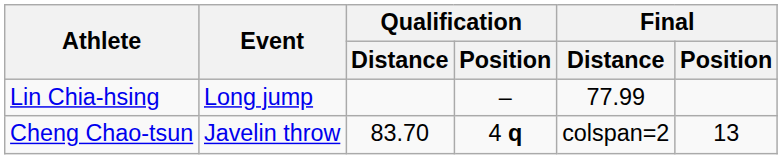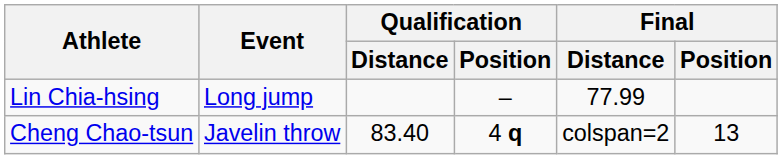 <table class="wikitable">
 <tr>
 <th rowspan="2">Athlete</th>
 <th rowspan="2">Event</th>
 <th colspan="2">Qualification</th>
 <th colspan="2">Final</th>
 </tr>
 <tr>
 <th>Distance</th>
 <th>Position</th>
 <th>Distance</th>
 <th>Position</th>
 </tr>
 <tr style=text-align:center>
 <td style=text-align:left><a href='#'>Lin Chia-hsing</a></td>
 <td style=text-align:left><a href='#'>Long jump</a></td>
 <td></td>
 <td>–</td>
 <td>77.99</td>
 </tr>
 <tr style=text-align:center>
 <td style=text-align:left><a href='#'>Cheng Chao-tsun</a></td>
 <td style=text-align:left><a href='#'>Javelin throw</a></td>
-<td>83.70</td>
+<td>83.40</td>
 <td>4 <strong>q</strong></td>
 <td>colspan=2 </td>
 <td>13</td>
 </tr>
 </table>
